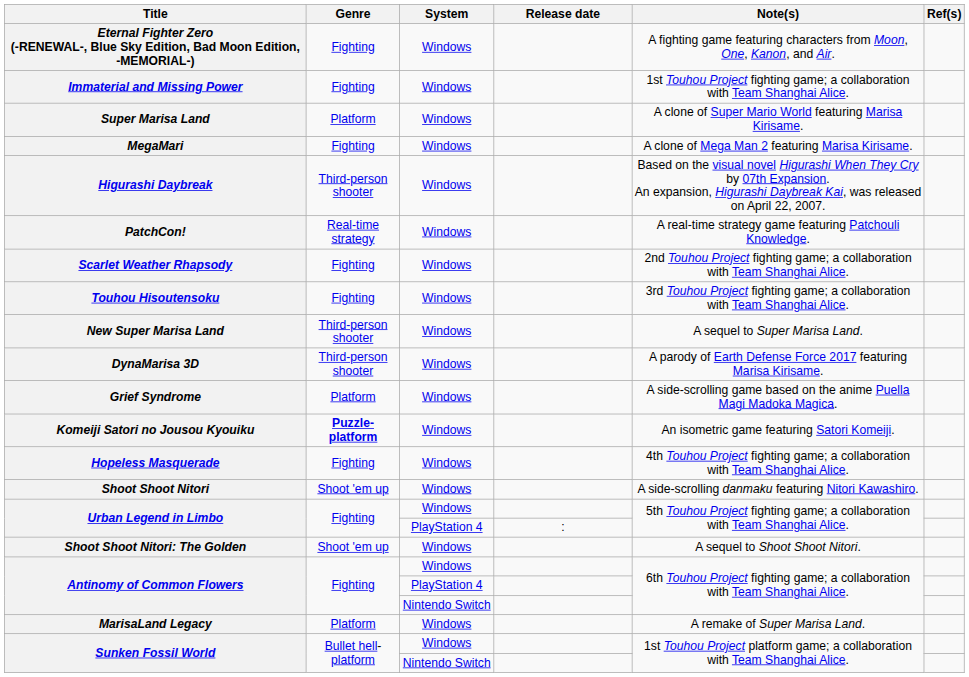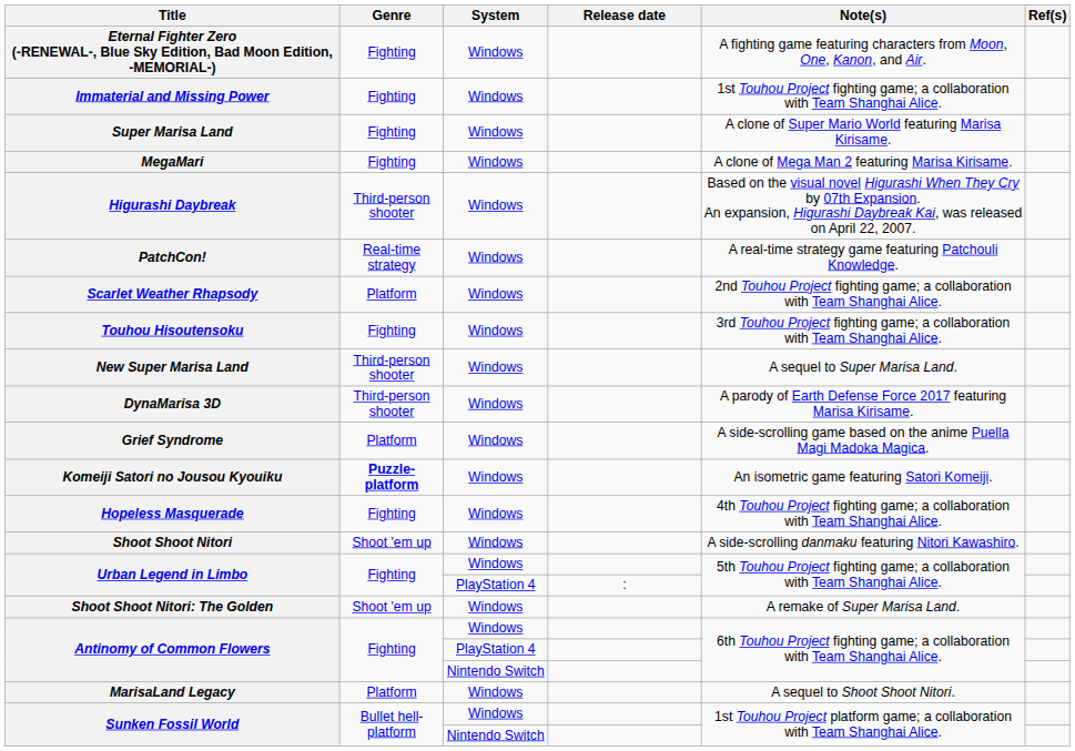 <table class="wikitable plainrowheaders" style="text-align: center; width: 100%;">
 <tr>
 <th style="width:33%">Title</th>
 <th style="width:10%">Genre</th>
 <th style="width:10%">System</th>
 <th style="width:15%">Release date</th>
 <th style="width:32%">Note(s)</th>
 <th style="width:2%" class="unsortable">Ref(s)</th>
 </tr>
 <tr>
 <th style="text-align:center;" scope="row"><strong><em>Eternal Fighter Zero</em></strong><br>(-RENEWAL-, Blue Sky Edition, Bad Moon Edition, -MEMORIAL-)</th>
 <td><a href='#'>Fighting</a></td>
 <td><a href='#'>Windows</a></td>
 <td> </td>
 <td>A fighting game featuring characters from <em><a href='#'>Moon</a></em>, <em><a href='#'>One</a></em>, <em><a href='#'>Kanon</a></em>, and <em><a href='#'>Air</a></em>.</td>
 <td></td>
 </tr>
 <tr>
 <th style="text-align:center;" scope="row"><strong><em><a href='#'>Immaterial and Missing Power</a></em></strong><br></th>
 <td><a href='#'>Fighting</a></td>
 <td><a href='#'>Windows</a></td>
 <td> </td>
 <td>1st <em><a href='#'>Touhou Project</a></em> fighting game; a collaboration with <a href='#'>Team Shanghai Alice</a>.</td>
 <td></td>
 </tr>
 <tr>
 <th style="text-align:center;" scope="row"><strong><em>Super Marisa Land</em></strong><br> </th>
-<td><a href='#'>Platform</a></td>
+<td><a href='#'>Fighting</a></td>
 <td><a href='#'>Windows</a></td>
 <td> </td>
 <td>A clone of <a href='#'>Super Mario World</a> featuring <a href='#'>Marisa Kirisame</a>.</td>
 <td></td>
 </tr>
 <tr>
 <th style="text-align:center;" scope="row"><strong><em>MegaMari</em></strong><br></th>
 <td><a href='#'>Fighting</a></td>
 <td><a href='#'>Windows</a></td>
 <td> </td>
 <td>A clone of <a href='#'>Mega Man 2</a> featuring <a href='#'>Marisa Kirisame</a>.</td>
 <td></td>
 </tr>
 <tr>
 <th style="text-align:center;" scope="row"><strong><em><a href='#'>Higurashi Daybreak</a></em></strong><br></th>
 <td><a href='#'>Third-person shooter</a></td>
 <td><a href='#'>Windows</a></td>
 <td> </td>
 <td>Based on the <a href='#'>visual novel</a> <em><a href='#'>Higurashi When They Cry</a></em> by <a href='#'>07th Expansion</a>.<br>An expansion, <em><a href='#'>Higurashi Daybreak Kai</a></em>, was released on April 22, 2007.</td>
 <td></td>
 </tr>
 <tr>
 <th style="text-align:center;" scope="row"><strong><em>PatchCon!</em></strong><br></th>
 <td><a href='#'>Real-time strategy</a></td>
 <td><a href='#'>Windows</a></td>
 <td> </td>
 <td>A real-time strategy game featuring <a href='#'>Patchouli Knowledge</a>.</td>
 <td></td>
 </tr>
 <tr>
 <th style="text-align:center;" scope="row"><strong><em><a href='#'>Scarlet Weather Rhapsody</a></em></strong><br></th>
-<td><a href='#'>Fighting</a></td>
+<td><a href='#'>Platform</a></td>
 <td><a href='#'>Windows</a></td>
 <td> </td>
 <td>2nd <em><a href='#'>Touhou Project</a></em> fighting game; a collaboration with <a href='#'>Team Shanghai Alice</a>.</td>
 <td></td>
 </tr>
 <tr>
 <th style="text-align:center;" scope="row"><strong><em><a href='#'>Touhou Hisoutensoku</a></em></strong><br></th>
 <td><a href='#'>Fighting</a></td>
 <td><a href='#'>Windows</a></td>
 <td> </td>
 <td>3rd <em><a href='#'>Touhou Project</a></em> fighting game; a collaboration with <a href='#'>Team Shanghai Alice</a>.</td>
 <td></td>
 </tr>
 <tr>
 <th style="text-align:center;" scope="row"><strong><em>New Super Marisa Land</em></strong><br></th>
 <td><a href='#'>Third-person shooter</a></td>
 <td><a href='#'>Windows</a></td>
 <td> </td>
 <td>A sequel to <em>Super Marisa Land</em>.</td>
 <td></td>
 </tr>
 <tr>
 <th style="text-align:center;" scope="row"><strong><em>DynaMarisa 3D</em></strong><br></th>
 <td><a href='#'>Third-person shooter</a></td>
 <td><a href='#'>Windows</a></td>
 <td> </td>
 <td>A parody of <a href='#'>Earth Defense Force 2017</a> featuring <a href='#'>Marisa Kirisame</a>.</td>
 <td></td>
 </tr>
 <tr>
 <th style="text-align:center;" scope="row"><strong><em>Grief Syndrome</em></strong><br></th>
 <td><a href='#'>Platform</a></td>
 <td><a href='#'>Windows</a></td>
 <td> </td>
 <td>A side-scrolling game based on the anime <a href='#'>Puella Magi Madoka Magica</a>.</td>
 <td></td>
 </tr>
 <tr>
 <th style="text-align:center;" scope="row"><strong><em>Komeiji Satori no Jousou Kyouiku</em></strong><br></th>
 <td><strong><a href='#'>Puzzle-platform</a></strong></td>
 <td><a href='#'>Windows</a></td>
 <td> </td>
 <td>An isometric game featuring <a href='#'>Satori Komeiji</a>.</td>
 <td></td>
 </tr>
 <tr>
 <th style="text-align:center;" scope="row"><strong><em><a href='#'>Hopeless Masquerade</a></em></strong><br></th>
 <td><a href='#'>Fighting</a></td>
 <td><a href='#'>Windows</a></td>
 <td> </td>
 <td>4th <em><a href='#'>Touhou Project</a></em> fighting game; a collaboration with <a href='#'>Team Shanghai Alice</a>.</td>
 <td></td>
 </tr>
 <tr>
 <th style="text-align:center;" scope="row"><strong><em>Shoot Shoot Nitori</em></strong><br></th>
 <td><a href='#'>Shoot 'em up</a></td>
 <td><a href='#'>Windows</a></td>
 <td> </td>
 <td>A side-scrolling <em>danmaku</em> featuring <a href='#'>Nitori Kawashiro</a>.</td>
 <td></td>
 </tr>
 <tr>
 <th style="text-align:center;" scope="row" rowspan="2"><strong><em><a href='#'>Urban Legend in Limbo</a></em></strong><br></th>
 <td rowspan="2"><a href='#'>Fighting</a></td>
 <td><a href='#'>Windows</a></td>
 <td> </td>
 <td rowspan="2">5th <em><a href='#'>Touhou Project</a></em> fighting game; a collaboration with <a href='#'>Team Shanghai Alice</a>.</td>
 <td></td>
 </tr>
 <tr>
 <td><a href='#'>PlayStation 4</a></td>
 <td>: </td>
 <td></td>
 </tr>
 <tr>
 <th style="text-align:center;" scope="row"><strong><em>Shoot Shoot Nitori: The Golden</em></strong><br></th>
 <td><a href='#'>Shoot 'em up</a></td>
 <td><a href='#'>Windows</a></td>
 <td> </td>
-<td>A sequel to <em>Shoot Shoot Nitori</em>.</td>
+<td>A remake of <em>Super Marisa Land</em>.</td>
 <td></td>
 </tr>
 <tr>
 <th style="text-align:center;" scope="row" rowspan="3"><strong><em><a href='#'>Antinomy of Common Flowers</a></em></strong><br></th>
 <td rowspan="3"><a href='#'>Fighting</a></td>
 <td><a href='#'>Windows</a></td>
 <td> </td>
 <td rowspan="3">6th <em><a href='#'>Touhou Project</a></em> fighting game; a collaboration with <a href='#'>Team Shanghai Alice</a>.</td>
 <td></td>
 </tr>
 <tr>
 <td><a href='#'>PlayStation 4</a></td>
 <td></td>
 <td></td>
 </tr>
 <tr>
 <td><a href='#'>Nintendo Switch</a></td>
 <td></td>
 <td></td>
 </tr>
 <tr>
 <th style="text-align:center;" scope="row"><strong><em>MarisaLand Legacy</em></strong><br></th>
 <td><a href='#'>Platform</a></td>
 <td><a href='#'>Windows</a></td>
 <td> </td>
-<td>A remake of <em>Super Marisa Land</em>.</td>
+<td>A sequel to <em>Shoot Shoot Nitori</em>.</td>
 <td></td>
 </tr>
 <tr>
 <th style="text-align:center;" scope="row" rowspan="2"><strong><em><a href='#'>Sunken Fossil World</a></em></strong><br></th>
 <td rowspan="2"><a href='#'>Bullet hell</a>-<a href='#'>platform</a></td>
 <td><a href='#'>Windows</a></td>
 <td></td>
 <td rowspan="2">1st <em><a href='#'>Touhou Project</a></em> platform game; a collaboration with <a href='#'>Team Shanghai Alice</a>.</td>
 <td></td>
 </tr>
 <tr>
 <td><a href='#'>Nintendo Switch</a></td>
 <td></td>
 <td></td>
 </tr>
 </table>
